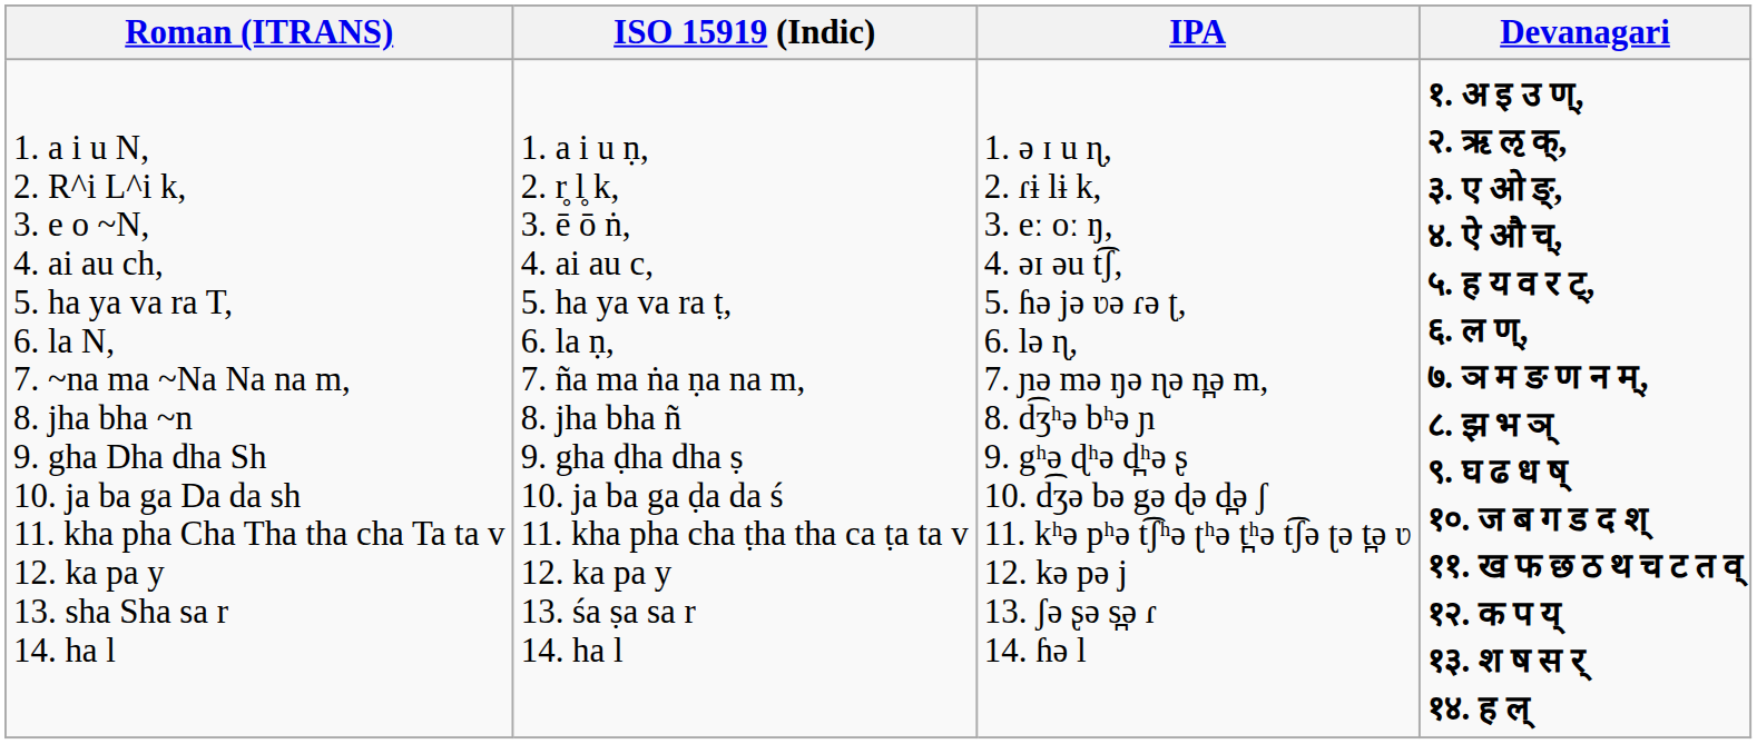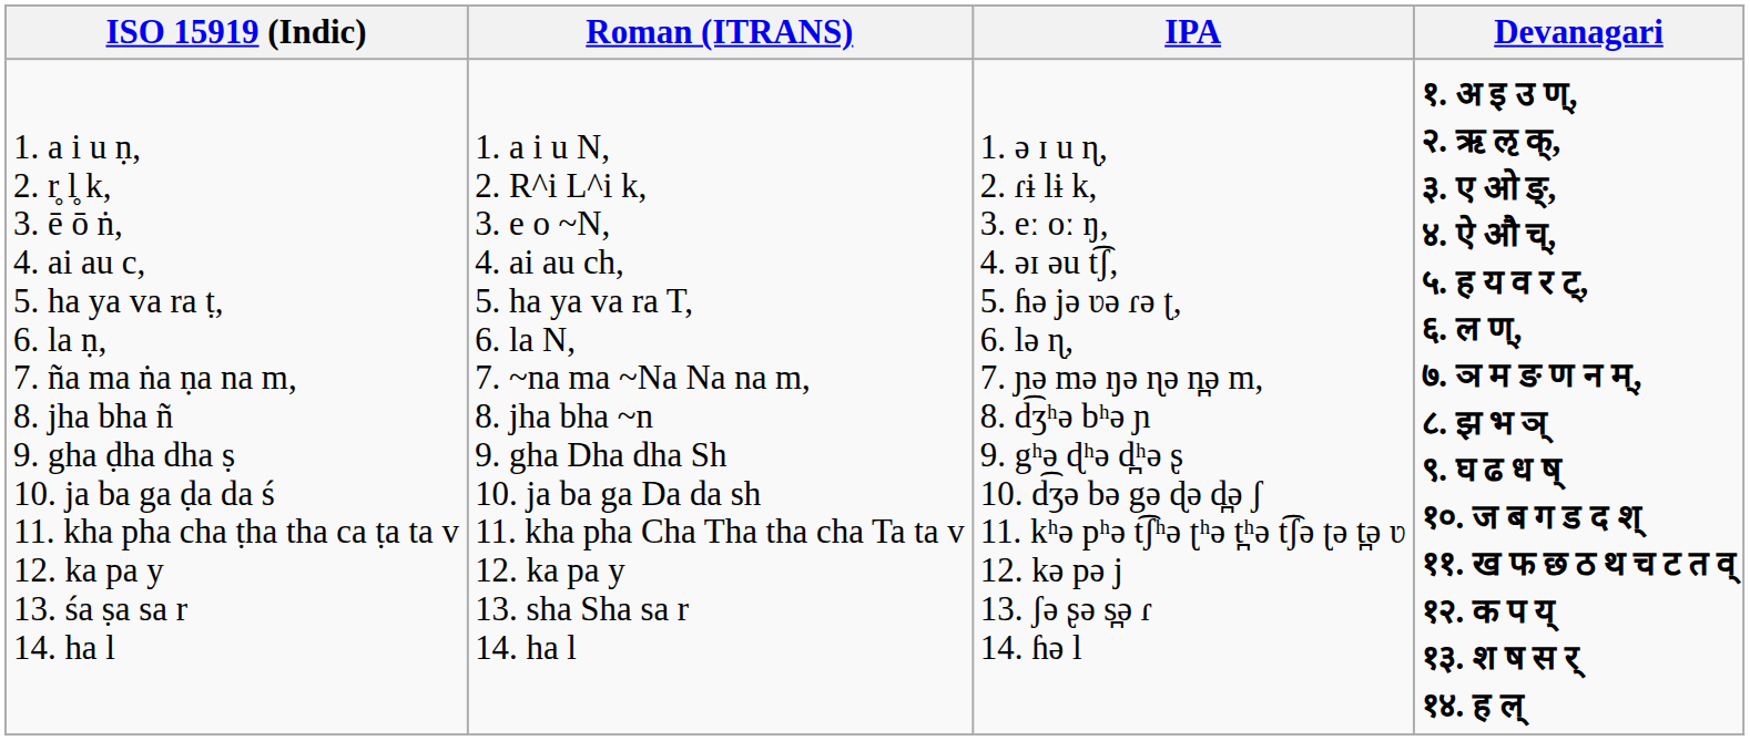 <table class="wikitable">
 <tr>
+<th><a href='#'>ISO 15919</a> (Indic)</th>
 <th><a href='#'>Roman (ITRANS)</a></th>
-<th><a href='#'>ISO 15919</a> (Indic)</th>
 <th><a href='#'>IPA</a></th>
 <th><a href='#'>Devanagari</a></th>
 </tr>
 <tr>
+<td>1. a i u ṇ,<br>2. r̥ l̥ k,<br>3. ē ō ṅ,<br>4. ai au c,<br>5. ha ya va ra ṭ,<br>6. la ṇ,<br>7. ña ma ṅa ṇa na m,<br>8. jha bha ñ<br>9. gha ḍha dha ṣ<br>10. ja ba ga ḍa da ś<br>11. kha pha cha ṭha tha ca ṭa ta v<br>12. ka pa y<br>13. śa ṣa sa r<br>14. ha l</td>
 <td>1. a i u N,<br>2. R^i L^i k,<br>3. e o ~N,<br>4. ai au ch,<br>5. ha ya va ra T,<br>6. la N,<br>7. ~na ma ~Na Na na m,<br>8. jha bha ~n<br>9. gha Dha dha Sh<br>10. ja ba ga Da da sh<br>11. kha pha Cha Tha tha cha Ta ta v<br>12. ka pa y<br>13. sha Sha sa r<br>14. ha l</td>
-<td>1. a i u ṇ,<br>2. r̥ l̥ k,<br>3. ē ō ṅ,<br>4. ai au c,<br>5. ha ya va ra ṭ,<br>6. la ṇ,<br>7. ña ma ṅa ṇa na m,<br>8. jha bha ñ<br>9. gha ḍha dha ṣ<br>10. ja ba ga ḍa da ś<br>11. kha pha cha ṭha tha ca ṭa ta v<br>12. ka pa y<br>13. śa ṣa sa r<br>14. ha l</td>
 <td>1. ə ɪ u ɳ,<br>2. ɾɨ lɨ k,<br>3. eː oː ŋ,<br>4. əɪ əu t͡ʃ,<br>5. ɦə jə ʋə ɾə ʈ,<br>6. lə ɳ,<br>7. ɲə mə ŋə ɳə n̪ə m,<br>8. d͡ʒʰə bʰə ɲ<br>9. gʰə ɖʰə d̪ʰə ʂ<br>10. d͡ʒə bə gə ɖə d̪ə ʃ<br>11. kʰə pʰə t͡ʃʰə ʈʰə t̪ʰə t͡ʃə ʈə t̪ə ʋ<br>12. kə pə j<br>13. ʃə ʂə s̪ə ɾ<br>14. ɦə l</td>
 <td><strong>१.  अ इ उ ण्,</strong><br><strong>२.  ऋ ऌ क्,</strong><br><strong>३.  ए ओ ङ्,</strong><br><strong>४.  ऐ औ च्,</strong><br><strong>५.  ह य व र ट्,</strong><br><strong>६.  ल ण्,</strong><br><strong>७.  ञ म ङ ण न म्,</strong><br><strong>८.  झ भ ञ्</strong><br><strong>९.  घ ढ ध ष्</strong><br><strong>१०. ज ब ग ड द श्</strong><br><strong>११. ख फ छ ठ थ च ट त व्</strong><br><strong>१२. क प य्</strong><br><strong>१३. श ष स र्</strong><br><strong>१४. ह ल्</strong></td>
 </tr>
 </table>
